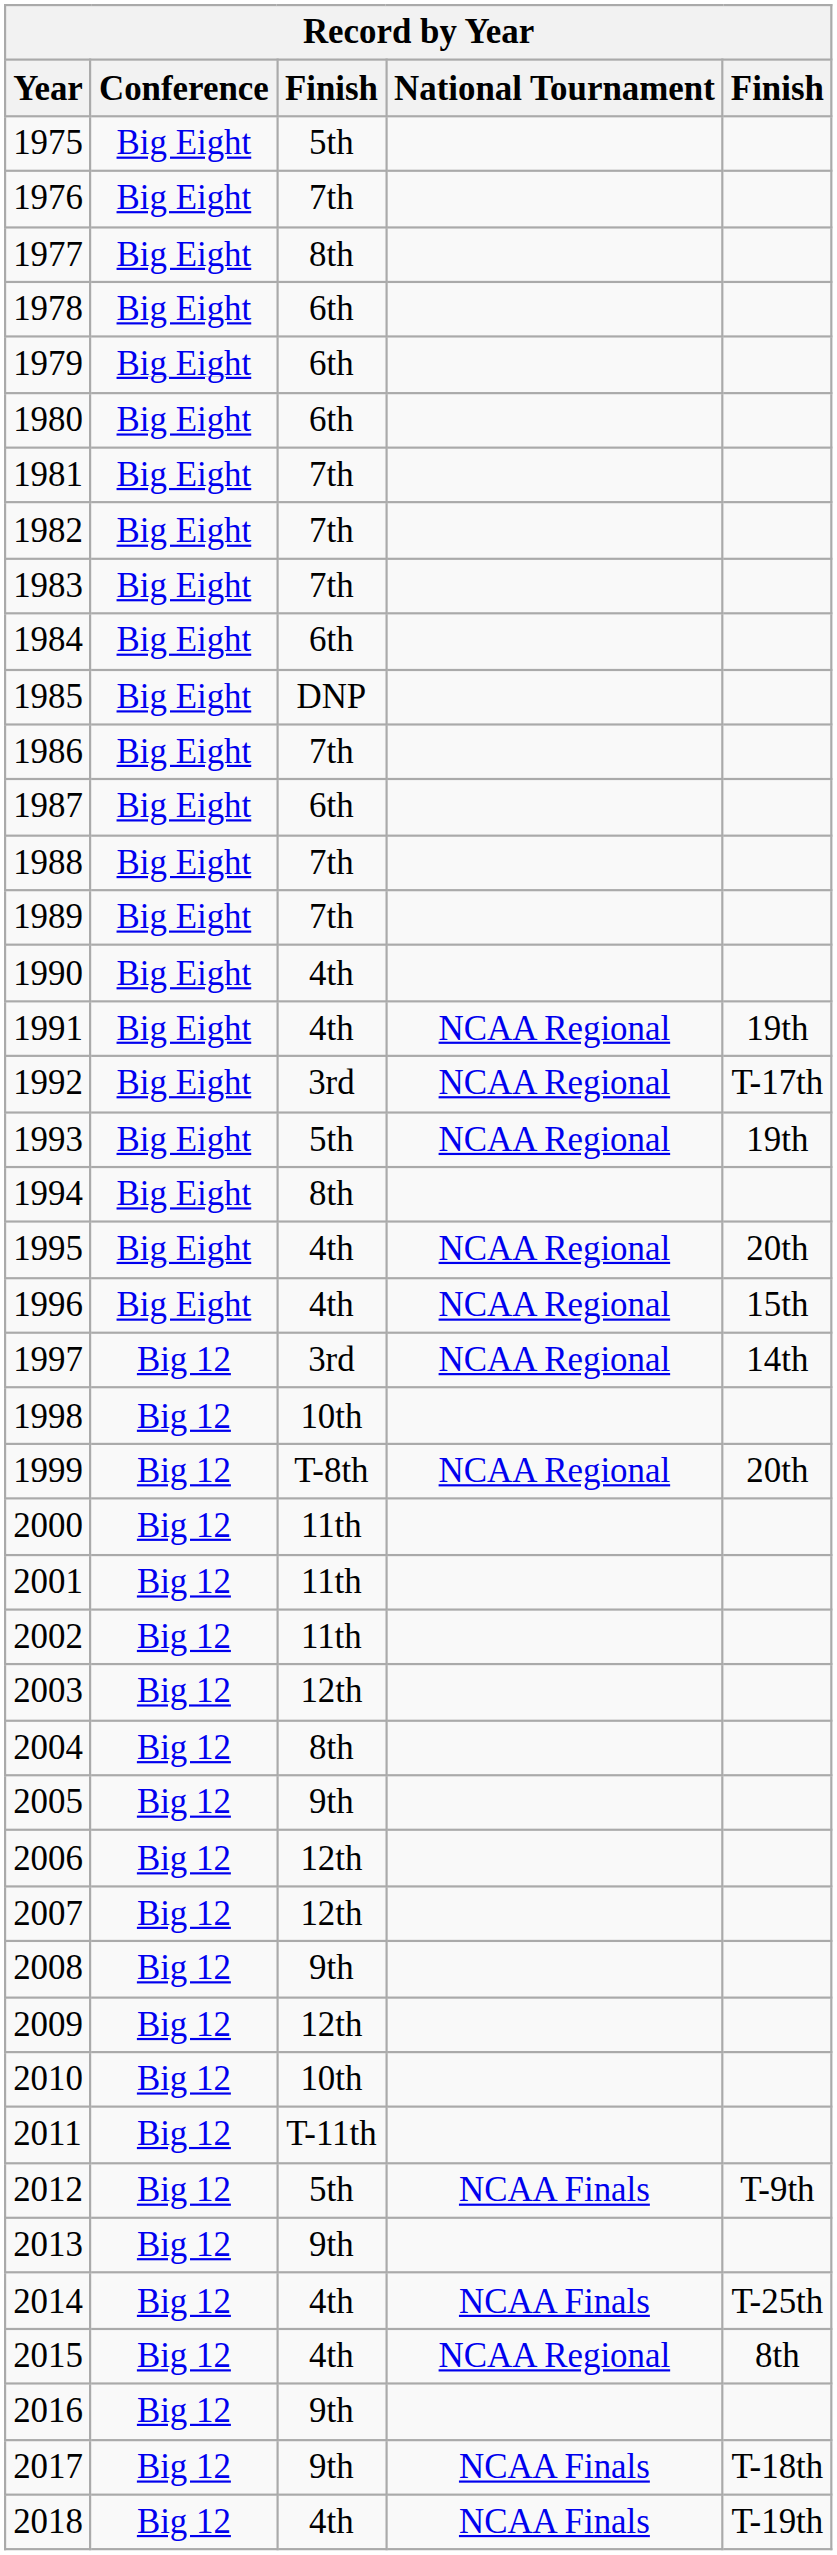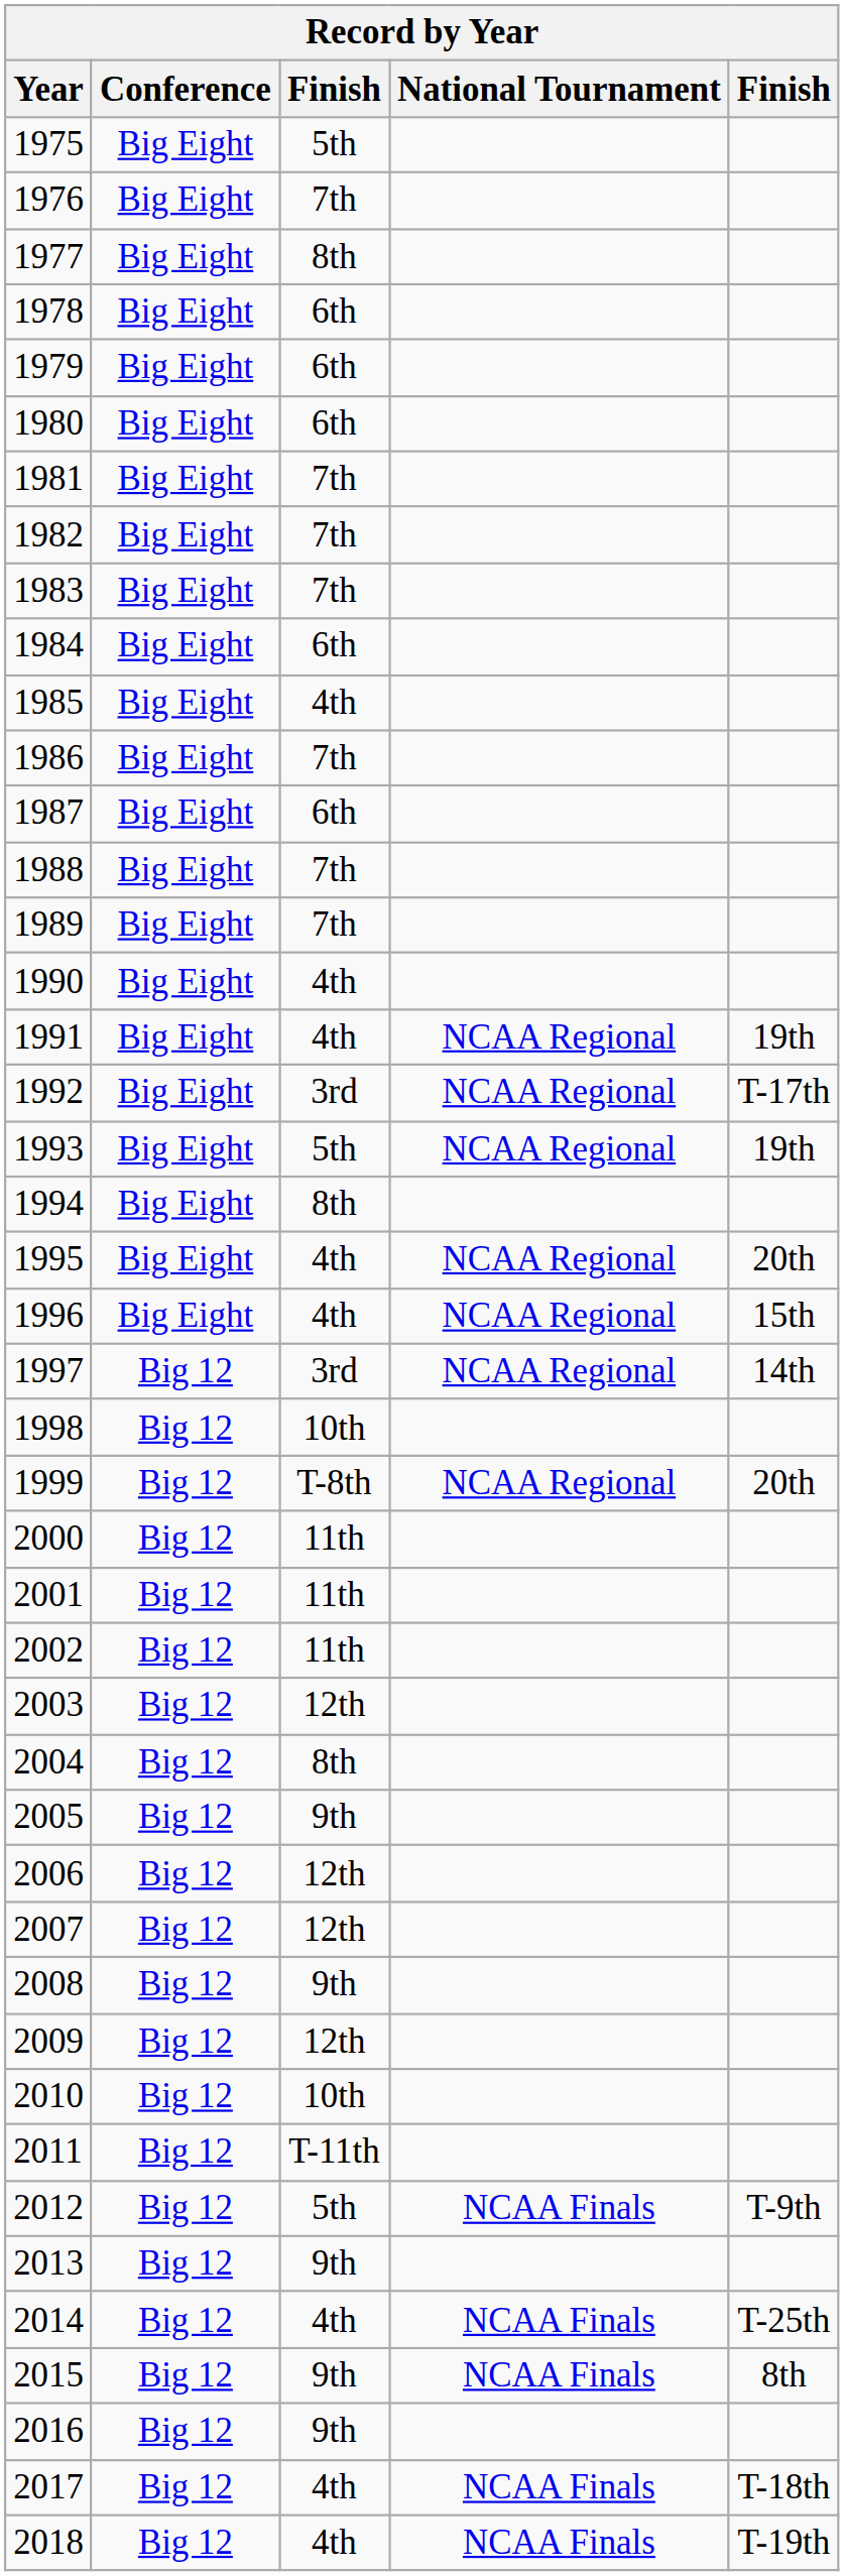 <table class="wikitable">
 <tr>
 <th colspan="5">Record by Year</th>
 </tr>
 <tr>
 <th scope="col" style=>Year</th>
 <th scope="col" style=>Conference</th>
 <th scope="col" style=>Finish</th>
 <th scope="col" style=>National Tournament</th>
 <th scope="col" style=>Finish</th>
 </tr>
 <tr>
 <td>1975</td>
 <td style="text-align: center;"><a href='#'>Big Eight</a></td>
 <td style="text-align: center;">5th</td>
 <td style="text-align: center;"></td>
 <td style="text-align: center;"></td>
 </tr>
 <tr>
 <td>1976</td>
 <td style="text-align: center;"><a href='#'>Big Eight</a></td>
 <td style="text-align: center;">7th</td>
 <td style="text-align: center;"></td>
 <td style="text-align: center;"></td>
 </tr>
 <tr>
 <td>1977</td>
 <td style="text-align: center;"><a href='#'>Big Eight</a></td>
 <td style="text-align: center;">8th</td>
 <td style="text-align: center;"></td>
 <td style="text-align: center;"></td>
 </tr>
 <tr>
 <td>1978</td>
 <td style="text-align: center;"><a href='#'>Big Eight</a></td>
 <td style="text-align: center;">6th</td>
 <td style="text-align: center;"></td>
 <td style="text-align: center;"></td>
 </tr>
 <tr>
 <td>1979</td>
 <td style="text-align: center;"><a href='#'>Big Eight</a></td>
 <td style="text-align: center;">6th</td>
 <td style="text-align: center;"></td>
 <td style="text-align: center;"></td>
 </tr>
 <tr>
 <td>1980</td>
 <td style="text-align: center;"><a href='#'>Big Eight</a></td>
 <td style="text-align: center;">6th</td>
 <td style="text-align: center;"></td>
 <td style="text-align: center;"></td>
 </tr>
 <tr>
 <td>1981</td>
 <td style="text-align: center;"><a href='#'>Big Eight</a></td>
 <td style="text-align: center;">7th</td>
 <td style="text-align: center;"></td>
 <td style="text-align: center;"></td>
 </tr>
 <tr>
 <td>1982</td>
 <td style="text-align: center;"><a href='#'>Big Eight</a></td>
 <td style="text-align: center;">7th</td>
 <td style="text-align: center;"></td>
 <td style="text-align: center;"></td>
 </tr>
 <tr>
 <td>1983</td>
 <td style="text-align: center;"><a href='#'>Big Eight</a></td>
 <td style="text-align: center;">7th</td>
 <td style="text-align: center;"></td>
 <td style="text-align: center;"></td>
 </tr>
 <tr>
 <td>1984</td>
 <td style="text-align: center;"><a href='#'>Big Eight</a></td>
 <td style="text-align: center;">6th</td>
 <td style="text-align: center;"></td>
 <td style="text-align: center;"></td>
 </tr>
 <tr>
 <td>1985</td>
 <td style="text-align: center;"><a href='#'>Big Eight</a></td>
-<td style="text-align: center;">DNP</td>
+<td style="text-align: center;">4th</td>
 <td style="text-align: center;"></td>
 <td style="text-align: center;"></td>
 </tr>
 <tr>
 <td>1986</td>
 <td style="text-align: center;"><a href='#'>Big Eight</a></td>
 <td style="text-align: center;">7th</td>
 <td style="text-align: center;"></td>
 <td style="text-align: center;"></td>
 </tr>
 <tr>
 <td>1987</td>
 <td style="text-align: center;"><a href='#'>Big Eight</a></td>
 <td style="text-align: center;">6th</td>
 <td style="text-align: center;"></td>
 <td style="text-align: center;"></td>
 </tr>
 <tr>
 <td>1988</td>
 <td style="text-align: center;"><a href='#'>Big Eight</a></td>
 <td style="text-align: center;">7th</td>
 <td style="text-align: center;"></td>
 <td style="text-align: center;"></td>
 </tr>
 <tr>
 <td>1989</td>
 <td style="text-align: center;"><a href='#'>Big Eight</a></td>
 <td style="text-align: center;">7th</td>
 <td style="text-align: center;"></td>
 <td style="text-align: center;"></td>
 </tr>
 <tr>
 <td>1990</td>
 <td style="text-align: center;"><a href='#'>Big Eight</a></td>
 <td style="text-align: center;">4th</td>
 <td style="text-align: center;"></td>
 <td style="text-align: center;"></td>
 </tr>
 <tr>
 <td>1991</td>
 <td style="text-align: center;"><a href='#'>Big Eight</a></td>
 <td style="text-align: center;">4th</td>
 <td style="text-align: center;"><a href='#'>NCAA Regional</a></td>
 <td style="text-align: center;">19th</td>
 </tr>
 <tr>
 <td>1992</td>
 <td style="text-align: center;"><a href='#'>Big Eight</a></td>
 <td style="text-align: center;">3rd</td>
 <td style="text-align: center;"><a href='#'>NCAA Regional</a></td>
 <td style="text-align: center;">T-17th</td>
 </tr>
 <tr>
 <td>1993</td>
 <td style="text-align: center;"><a href='#'>Big Eight</a></td>
 <td style="text-align: center;">5th</td>
 <td style="text-align: center;"><a href='#'>NCAA Regional</a></td>
 <td style="text-align: center;">19th</td>
 </tr>
 <tr>
 <td>1994</td>
 <td style="text-align: center;"><a href='#'>Big Eight</a></td>
 <td style="text-align: center;">8th</td>
 <td style="text-align: center;"></td>
 <td style="text-align: center;"></td>
 </tr>
 <tr>
 <td>1995</td>
 <td style="text-align: center;"><a href='#'>Big Eight</a></td>
 <td style="text-align: center;">4th</td>
 <td style="text-align: center;"><a href='#'>NCAA Regional</a></td>
 <td style="text-align: center;">20th</td>
 </tr>
 <tr>
 <td>1996</td>
 <td style="text-align: center;"><a href='#'>Big Eight</a></td>
 <td style="text-align: center;">4th</td>
 <td style="text-align: center;"><a href='#'>NCAA Regional</a></td>
 <td style="text-align: center;">15th</td>
 </tr>
 <tr>
 <td>1997</td>
 <td style="text-align: center;"><a href='#'>Big 12</a></td>
 <td style="text-align: center;">3rd</td>
 <td style="text-align: center;"><a href='#'>NCAA Regional</a></td>
 <td style="text-align: center;">14th</td>
 </tr>
 <tr>
 <td>1998</td>
 <td style="text-align: center;"><a href='#'>Big 12</a></td>
 <td style="text-align: center;">10th</td>
 <td style="text-align: center;"></td>
 <td style="text-align: center;"></td>
 </tr>
 <tr>
 <td>1999</td>
 <td style="text-align: center;"><a href='#'>Big 12</a></td>
 <td style="text-align: center;">T-8th</td>
 <td style="text-align: center;"><a href='#'>NCAA Regional</a></td>
 <td style="text-align: center;">20th</td>
 </tr>
 <tr>
 <td>2000</td>
 <td style="text-align: center;"><a href='#'>Big 12</a></td>
 <td style="text-align: center;">11th</td>
 <td style="text-align: center;"></td>
 <td style="text-align: center;"></td>
 </tr>
 <tr>
 <td>2001</td>
 <td style="text-align: center;"><a href='#'>Big 12</a></td>
 <td style="text-align: center;">11th</td>
 <td style="text-align: center;"></td>
 <td style="text-align: center;"></td>
 </tr>
 <tr>
 <td>2002</td>
 <td style="text-align: center;"><a href='#'>Big 12</a></td>
 <td style="text-align: center;">11th</td>
 <td style="text-align: center;"></td>
 <td style="text-align: center;"></td>
 </tr>
 <tr>
 <td>2003</td>
 <td style="text-align: center;"><a href='#'>Big 12</a></td>
 <td style="text-align: center;">12th</td>
 <td style="text-align: center;"></td>
 <td style="text-align: center;"></td>
 </tr>
 <tr>
 <td>2004</td>
 <td style="text-align: center;"><a href='#'>Big 12</a></td>
 <td style="text-align: center;">8th</td>
 <td style="text-align: center;"></td>
 <td style="text-align: center;"></td>
 </tr>
 <tr>
 <td>2005</td>
 <td style="text-align: center;"><a href='#'>Big 12</a></td>
 <td style="text-align: center;">9th</td>
 <td style="text-align: center;"></td>
 <td style="text-align: center;"></td>
 </tr>
 <tr>
 <td>2006</td>
 <td style="text-align: center;"><a href='#'>Big 12</a></td>
 <td style="text-align: center;">12th</td>
 <td style="text-align: center;"></td>
 <td style="text-align: center;"></td>
 </tr>
 <tr>
 <td>2007</td>
 <td style="text-align: center;"><a href='#'>Big 12</a></td>
 <td style="text-align: center;">12th</td>
 <td style="text-align: center;"></td>
 <td style="text-align: center;"></td>
 </tr>
 <tr>
 <td>2008</td>
 <td style="text-align: center;"><a href='#'>Big 12</a></td>
 <td style="text-align: center;">9th</td>
 <td style="text-align: center;"></td>
 <td style="text-align: center;"></td>
 </tr>
 <tr>
 <td>2009</td>
 <td style="text-align: center;"><a href='#'>Big 12</a></td>
 <td style="text-align: center;">12th</td>
 <td style="text-align: center;"></td>
 <td style="text-align: center;"></td>
 </tr>
 <tr>
 <td>2010</td>
 <td style="text-align: center;"><a href='#'>Big 12</a></td>
 <td style="text-align: center;">10th</td>
 <td style="text-align: center;"></td>
 <td style="text-align: center;"></td>
 </tr>
 <tr>
 <td>2011</td>
 <td style="text-align: center;"><a href='#'>Big 12</a></td>
 <td style="text-align: center;">T-11th</td>
 <td style="text-align: center;"></td>
 <td style="text-align: center;"></td>
 </tr>
 <tr>
 <td>2012</td>
 <td style="text-align: center;"><a href='#'>Big 12</a></td>
 <td style="text-align: center;">5th</td>
 <td style="text-align: center;"><a href='#'>NCAA Finals</a></td>
 <td style="text-align: center;">T-9th</td>
 </tr>
 <tr>
 <td>2013</td>
 <td style="text-align: center;"><a href='#'>Big 12</a></td>
 <td style="text-align: center;">9th</td>
 <td style="text-align: center;"></td>
 <td style="text-align: center;"></td>
 </tr>
 <tr>
 <td>2014</td>
 <td style="text-align: center;"><a href='#'>Big 12</a></td>
 <td style="text-align: center;">4th</td>
 <td style="text-align: center;"><a href='#'>NCAA Finals</a></td>
 <td style="text-align: center;">T-25th</td>
 </tr>
 <tr>
 <td>2015</td>
 <td style="text-align: center;"><a href='#'>Big 12</a></td>
-<td style="text-align: center;">4th</td>
-<td style="text-align: center;"><a href='#'>NCAA Regional</a></td>
+<td style="text-align: center;">9th</td>
+<td style="text-align: center;"><a href='#'>NCAA Finals</a></td>
 <td style="text-align: center;">8th</td>
 </tr>
 <tr>
 <td>2016</td>
 <td style="text-align: center;"><a href='#'>Big 12</a></td>
 <td style="text-align: center;">9th</td>
 <td style="text-align: center;"></td>
 <td style="text-align: center;"></td>
 </tr>
 <tr>
 <td>2017</td>
 <td style="text-align: center;"><a href='#'>Big 12</a></td>
-<td style="text-align: center;">9th</td>
+<td style="text-align: center;">4th</td>
 <td style="text-align: center;"><a href='#'>NCAA Finals</a></td>
 <td style="text-align: center;">T-18th</td>
 </tr>
 <tr>
 <td>2018</td>
 <td style="text-align: center;"><a href='#'>Big 12</a></td>
 <td style="text-align: center;">4th</td>
 <td style="text-align: center;"><a href='#'>NCAA Finals</a></td>
 <td style="text-align: center;">T-19th</td>
 </tr>
 </table>
